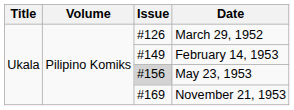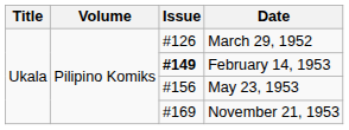 <table class="wikitable sortable">
 <tr>
 <th>Title</th>
 <th>Volume</th>
 <th>Issue</th>
 <th>Date</th>
 </tr>
 <tr>
 <td rowspan=5>Ukala</td>
 <td rowspan=5>Pilipino Komiks</td>
 <td>#126</td>
 <td>March 29, 1952</td>
 </tr>
 <tr>
-<td>#149</td>
+<td><strong>#149</strong></td>
 <td>February 14, 1953</td>
 </tr>
 <tr>
-<td style="background: lightgrey;">#156</td>
+<td>#156</td>
 <td>May 23, 1953</td>
 </tr>
 <tr>
 <td>#169</td>
 <td>November 21, 1953</td>
 </tr>
 </table>
